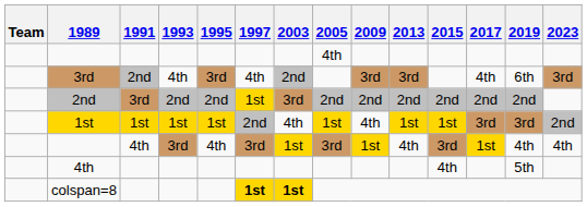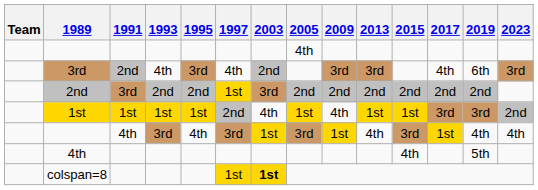 <table class="wikitable" style="text-align:center; font-size:90%">
 <tr valign=bottom>
 <th>Team</th>
 <th><br><a href='#'>1989</a></th>
 <th><br><a href='#'>1991</a></th>
 <th><br><a href='#'>1993</a></th>
 <th><br><a href='#'>1995</a></th>
 <th><br><a href='#'>1997</a></th>
 <th><br><a href='#'>2003</a></th>
 <th><br><a href='#'>2005</a></th>
 <th><br><a href='#'>2009</a></th>
 <th><br><a href='#'>2013</a></th>
 <th><br><a href='#'>2015</a></th>
 <th><br><a href='#'>2017</a></th>
 <th><br><a href='#'>2019</a></th>
 <th><br><a href='#'>2023</a></th>
 </tr>
 <tr>
 <td align=left></td>
 <td></td>
 <td></td>
 <td></td>
 <td></td>
 <td></td>
 <td></td>
 <td>4th</td>
 <td></td>
 <td></td>
 <td></td>
 <td></td>
 <td></td>
 <td></td>
 </tr>
 <tr>
 <td align=left></td>
 <td bgcolor=#cc9966>3rd</td>
 <td bgcolor=silver>2nd</td>
 <td>4th</td>
 <td bgcolor="#cc9966">3rd</td>
 <td>4th</td>
 <td bgcolor="silver">2nd</td>
 <td></td>
 <td bgcolor=#cc9966>3rd</td>
 <td bgcolor=#cc9966>3rd</td>
 <td></td>
 <td>4th</td>
 <td>6th</td>
 <td bgcolor="#cc9966">3rd</td>
 </tr>
 <tr>
 <td align=left></td>
 <td bgcolor=silver>2nd</td>
 <td bgcolor=#cc9966>3rd</td>
 <td bgcolor=silver>2nd</td>
 <td bgcolor=silver>2nd</td>
 <td bgcolor=gold>1st</td>
 <td bgcolor=#cc9966>3rd</td>
 <td bgcolor=silver>2nd</td>
 <td bgcolor=silver>2nd</td>
 <td bgcolor=silver>2nd</td>
 <td bgcolor=silver>2nd</td>
 <td bgcolor=silver>2nd</td>
 <td bgcolor=silver>2nd</td>
 <td></td>
 </tr>
 <tr>
 <td align=left></td>
 <td bgcolor=gold>1st</td>
 <td bgcolor=gold>1st</td>
 <td bgcolor=gold>1st</td>
 <td bgcolor=gold>1st</td>
 <td bgcolor=silver>2nd</td>
 <td>4th</td>
 <td bgcolor=gold>1st</td>
 <td>4th</td>
 <td bgcolor=gold>1st</td>
 <td bgcolor=gold>1st</td>
 <td bgcolor=#cc9966>3rd</td>
 <td bgcolor=#cc9966>3rd</td>
 <td bgcolor=silver>2nd</td>
 </tr>
 <tr>
 <td align=left></td>
 <td></td>
 <td>4th</td>
 <td bgcolor="#cc9966">3rd</td>
 <td>4th</td>
 <td bgcolor="#cc9966">3rd</td>
 <td bgcolor=gold>1st</td>
 <td bgcolor=#cc9966>3rd</td>
 <td bgcolor=gold>1st</td>
 <td>4th</td>
 <td bgcolor=#cc9966>3rd</td>
 <td bgcolor=gold>1st</td>
 <td>4th</td>
 <td>4th</td>
 </tr>
 <tr>
 <td align=left></td>
 <td>4th</td>
 <td></td>
 <td></td>
 <td></td>
 <td></td>
 <td></td>
 <td></td>
 <td></td>
 <td></td>
 <td>4th</td>
 <td></td>
 <td>5th</td>
 <td></td>
 </tr>
 <tr>
 <td align=left></td>
 <td>colspan=8 </td>
 <td></td>
 <td></td>
 <td></td>
-<td bgcolor=gold><strong>1st</strong></td>
+<td bgcolor=gold>1st</td>
 <td bgcolor=gold><strong>1st</strong></td>
 </tr>
 </table>
